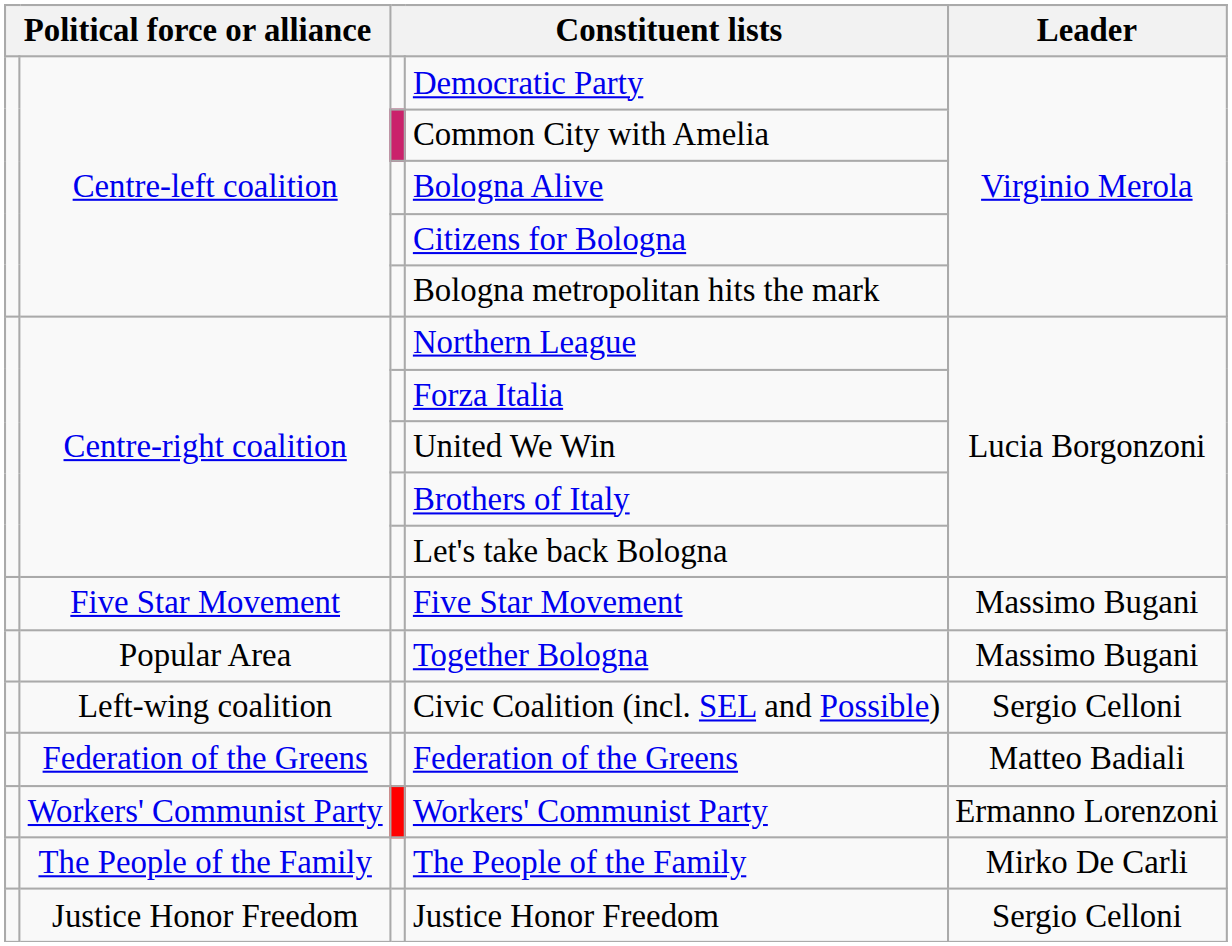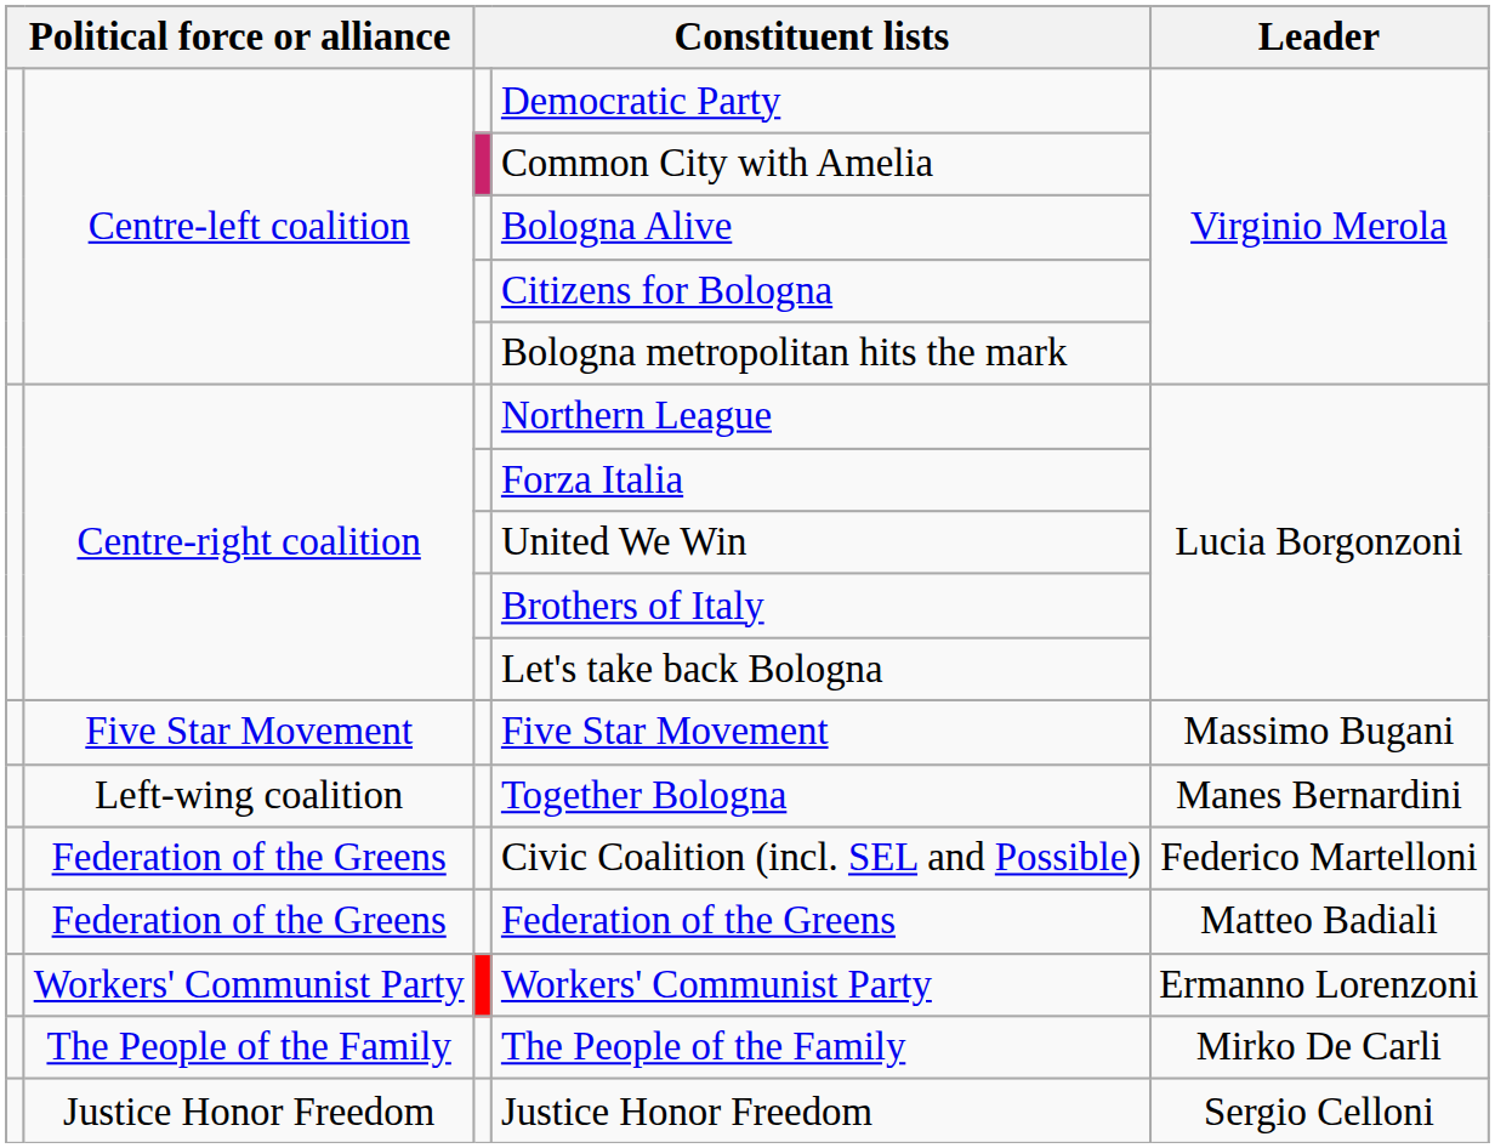 <table class=wikitable style=text-align:left>
 <tr>
 <th colspan=2>Political force or alliance</th>
 <th colspan=2>Constituent lists</th>
 <th>Leader</th>
 </tr>
 <tr>
 <td rowspan="5" style="background-color:"></td>
 <td rowspan=5 style="text-align:center;"><a href='#'>Centre-left coalition</a></td>
 <td></td>
 <td style="text-align:left;"><a href='#'>Democratic Party</a></td>
 <td rowspan=5 style="text-align:center;"><a href='#'>Virginio Merola</a></td>
 </tr>
 <tr>
 <td bgcolor="#CA226B"></td>
 <td style="text-align:left;">Common City with Amelia</td>
 </tr>
 <tr>
 <td></td>
 <td style="text-align:left;"><a href='#'>Bologna Alive</a></td>
 </tr>
 <tr>
 <td></td>
 <td style="text-align:left;"><a href='#'>Citizens for Bologna</a></td>
 </tr>
 <tr>
 <td></td>
 <td style="text-align:left;">Bologna metropolitan hits the mark</td>
 </tr>
 <tr>
 <td rowspan="5" style="background:"></td>
 <td rowspan=5 style="text-align:center;"><a href='#'>Centre-right coalition</a></td>
 <td></td>
 <td style="text-align:left;"><a href='#'>Northern League</a></td>
 <td rowspan="5" style="text-align:center;">Lucia Borgonzoni</td>
 </tr>
 <tr>
 <td></td>
 <td style="text-align:left;"><a href='#'>Forza Italia</a></td>
 </tr>
 <tr>
 <td></td>
 <td style="text-align:left;">United We Win</td>
 </tr>
 <tr>
 <td></td>
 <td style="text-align:left;"><a href='#'>Brothers of Italy</a></td>
 </tr>
 <tr>
 <td></td>
 <td style="text-align:left;">Let's take back Bologna</td>
 </tr>
 <tr>
 <td style="background-color:"></td>
 <td style="text-align:center;"><a href='#'>Five Star Movement</a></td>
 <td></td>
 <td style="text-align:left;"><a href='#'>Five Star Movement</a></td>
 <td style="text-align:center;">Massimo Bugani</td>
 </tr>
 <tr>
 <td></td>
-<td style="text-align:center;">Popular Area</td>
+<td style="text-align:center;">Left-wing coalition</td>
 <td></td>
 <td style="text-align:left;"><a href='#'>Together Bologna</a></td>
-<td style="text-align:center;">Massimo Bugani</td>
+<td style="text-align:center;">Manes Bernardini</td>
 </tr>
 <tr>
 <td style="background-color:"></td>
-<td style="text-align:center;">Left-wing coalition</td>
+<td style="text-align:center;"><a href='#'>Federation of the Greens</a></td>
 <td></td>
 <td style="text-align:left;">Civic Coalition (incl. <a href='#'>SEL</a> and <a href='#'>Possible</a>)</td>
-<td style="text-align:center;">Sergio Celloni</td>
+<td style="text-align:center;">Federico Martelloni</td>
 </tr>
 <tr>
 <td style="background-color:"></td>
 <td style="text-align:center;"><a href='#'>Federation of the Greens</a></td>
 <td></td>
 <td style="text-align:left;"><a href='#'>Federation of the Greens</a></td>
 <td style="text-align:center;">Matteo Badiali</td>
 </tr>
 <tr>
 <td style="background-color:"></td>
 <td style="text-align:center;"><a href='#'>Workers' Communist Party</a></td>
 <td bgcolor="red"></td>
 <td style="text-align:left;"><a href='#'>Workers' Communist Party</a></td>
 <td style="text-align:center;">Ermanno Lorenzoni</td>
 </tr>
 <tr>
 <td style="background-color:"></td>
 <td style="text-align:center;"><a href='#'>The People of the Family</a></td>
 <td></td>
 <td style="text-align:left;"><a href='#'>The People of the Family</a></td>
 <td style="text-align:center;">Mirko De Carli</td>
 </tr>
 <tr>
 <td style="background-color:"></td>
 <td style="text-align:center;">Justice Honor Freedom</td>
 <td></td>
 <td style="text-align:left;">Justice Honor Freedom</td>
 <td style="text-align:center;">Sergio Celloni</td>
 </tr>
 </table>
